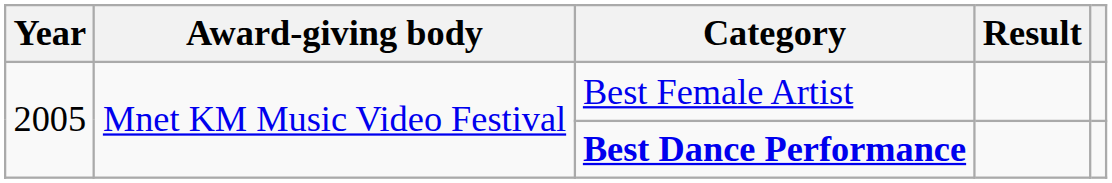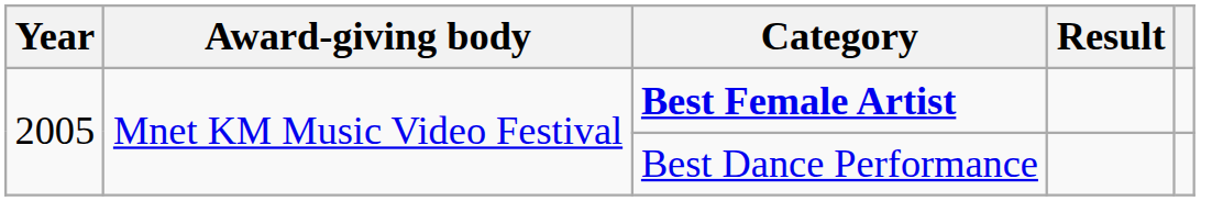 <table class="wikitable">
 <tr>
 <th>Year</th>
 <th>Award-giving body</th>
 <th>Category</th>
 <th>Result</th>
 <th></th>
 </tr>
 <tr>
 <td rowspan="2">2005</td>
 <td rowspan="2"><a href='#'>Mnet KM Music Video Festival</a></td>
-<td><a href='#'>Best Female Artist</a></td>
+<td><strong><a href='#'>Best Female Artist</a></strong></td>
 <td></td>
 <td align="center"></td>
 </tr>
 <tr>
-<td><strong><a href='#'>Best Dance Performance</a></strong></td>
+<td><a href='#'>Best Dance Performance</a></td>
 <td></td>
 <td></td>
 </tr>
 </table>
